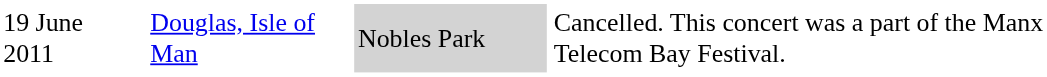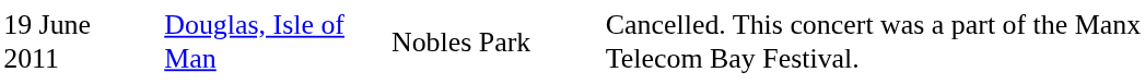 <table cellpadding="2" style="border:0 solid darkgrey; font-size:90%">
 <tr>
 <th style="width:150px;"></th>
 <th style="width:200px;"></th>
 <th style="width:200px;"></th>
 <th style="width:700px;"></th>
 </tr>
 <tr border="0">
 </tr>
 <tr>
 <td>19 June 2011</td>
 <td><a href='#'>Douglas, Isle of Man</a></td>
-<td style="background: lightgrey;">Nobles Park</td>
+<td>Nobles Park</td>
 <td>Cancelled. This concert was a part of the Manx Telecom Bay Festival.</td>
 </tr>
 <tr>
 </tr>
 </table>
